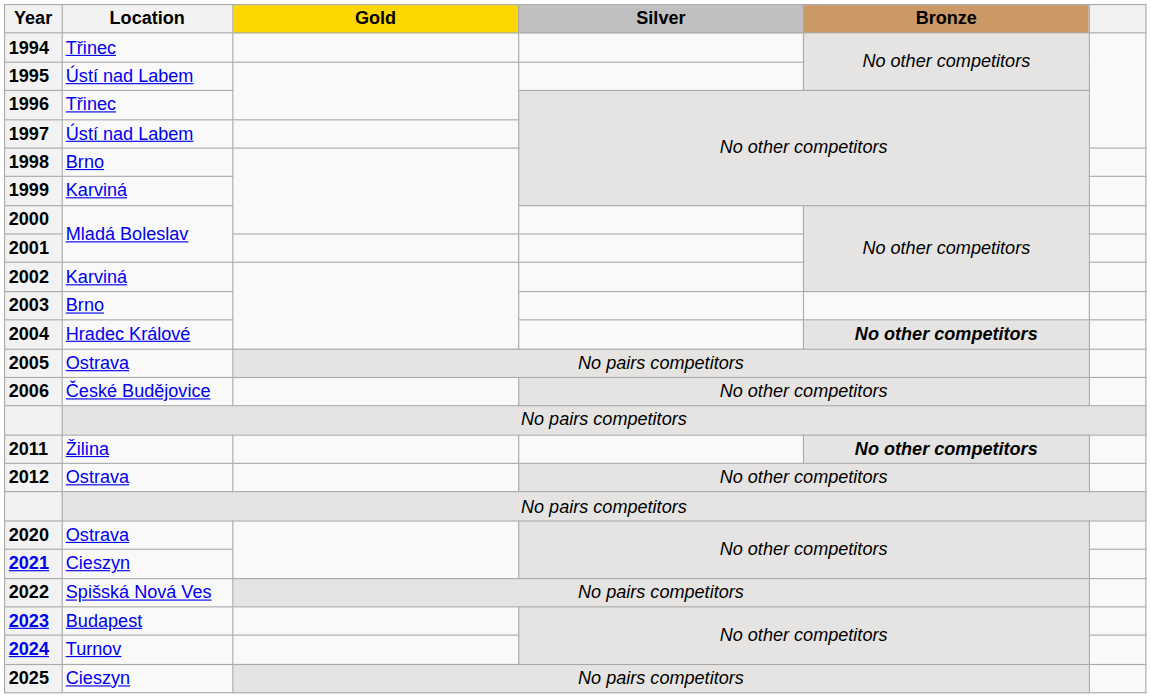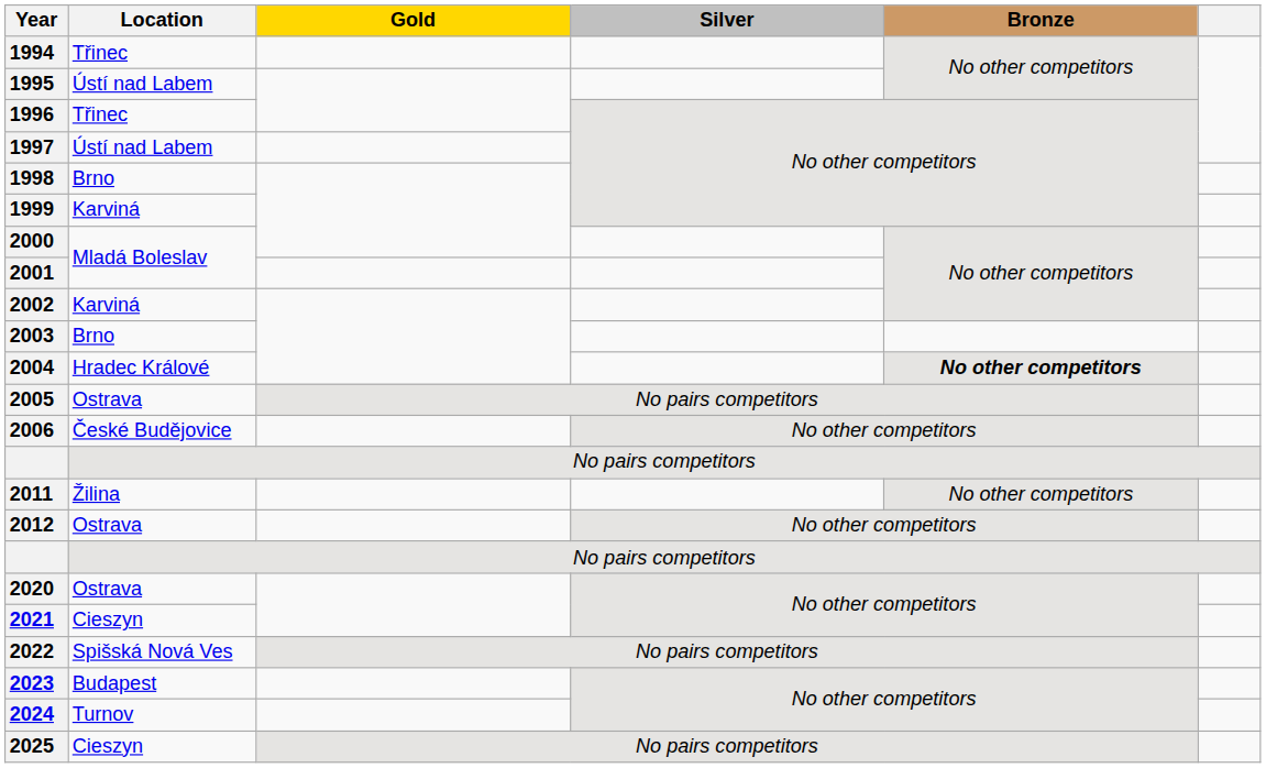 <table class="wikitable unsortable" style="text-align:left; width:80%">
 <tr>
 <th scope="col" style="text-align:center; width:5%">Year</th>
 <th scope="col" style="text-align:center; width:15%">Location</th>
 <td scope="col" style="text-align:center; width:25%; background:gold"><strong>Gold</strong></td>
 <td scope="col" style="text-align:center; width:25%; background:silver"><strong>Silver</strong></td>
 <td scope="col" style="text-align:center; width:25%; background:#c96"><strong>Bronze</strong></td>
 <th scope="col" style="text-align:center; width:5%"></th>
 </tr>
 <tr>
 <th scope="row" style="text-align:left">1994</th>
 <td><a href='#'>Třinec</a></td>
 <td></td>
 <td></td>
 <td rowspan="2" align="center" bgcolor="e5e4e2"><em>No other competitors</em></td>
 <td rowspan="4"></td>
 </tr>
 <tr>
 <th scope="row" style="text-align:left">1995</th>
 <td><a href='#'>Ústí nad Labem</a></td>
 <td rowspan="2"></td>
 <td></td>
 </tr>
 <tr>
 <th scope="row" style="text-align:left">1996</th>
 <td><a href='#'>Třinec</a></td>
 <td colspan="2" rowspan="4" align="center" bgcolor="e5e4e2"><em>No other competitors</em></td>
 </tr>
 <tr>
 <th scope="row" style="text-align:left">1997</th>
 <td><a href='#'>Ústí nad Labem</a></td>
 <td></td>
 </tr>
 <tr>
 <th scope="row" style="text-align:left">1998</th>
 <td><a href='#'>Brno</a></td>
 <td rowspan="3"></td>
 <td></td>
 </tr>
 <tr>
 <th scope="row" style="text-align:left">1999</th>
 <td><a href='#'>Karviná</a></td>
 <td></td>
 </tr>
 <tr>
 <th scope="row" style="text-align:left">2000</th>
 <td rowspan="2"><a href='#'>Mladá Boleslav</a></td>
 <td></td>
 <td rowspan="3" align="center" bgcolor="e5e4e2"><em>No other competitors</em></td>
 <td></td>
 </tr>
 <tr>
 <th scope="row" style="text-align:left">2001</th>
 <td></td>
 <td></td>
 <td></td>
 </tr>
 <tr>
 <th scope="row" style="text-align:left">2002</th>
 <td><a href='#'>Karviná</a></td>
 <td rowspan="3"></td>
 <td></td>
 <td></td>
 </tr>
 <tr>
 <th scope="row" style="text-align:left">2003</th>
 <td><a href='#'>Brno</a></td>
 <td></td>
 <td></td>
 <td></td>
 </tr>
 <tr>
 <th scope="row" style="text-align:left">2004</th>
 <td><a href='#'>Hradec Králové</a></td>
 <td></td>
 <td align="center" bgcolor="e5e4e2"><strong><em>No other competitors</em></strong></td>
 <td></td>
 </tr>
 <tr>
 <th scope="row" style="text-align:left">2005</th>
 <td><a href='#'>Ostrava</a></td>
 <td colspan="3" align="center" bgcolor="e5e4e2"><em>No pairs competitors</em></td>
 <td></td>
 </tr>
 <tr>
 <th scope="row" style="text-align:left">2006</th>
 <td><a href='#'>České Budějovice</a></td>
 <td></td>
 <td colspan="2" align="center" bgcolor="e5e4e2"><em>No other competitors</em></td>
 <td></td>
 </tr>
 <tr>
 <th scope="row" style="text-align:left"></th>
 <td colspan="5" align="center" bgcolor="e5e4e2"><em>No pairs competitors</em></td>
 </tr>
 <tr>
 <th scope="row" style="text-align:left">2011</th>
 <td> <a href='#'>Žilina</a></td>
 <td></td>
 <td></td>
-<td align="center" bgcolor="e5e4e2"><strong><em>No other competitors</em></strong></td>
+<td align="center" bgcolor="e5e4e2"><em>No other competitors</em></td>
 <td></td>
 </tr>
 <tr>
 <th scope="row" style="text-align:left">2012</th>
 <td><a href='#'>Ostrava</a></td>
 <td></td>
 <td colspan="2" align="center" bgcolor="e5e4e2"><em>No other competitors</em></td>
 <td></td>
 </tr>
 <tr>
 <th scope="row" style="text-align:left"></th>
 <td colspan="5" align="center" bgcolor="e5e4e2"><em>No pairs competitors</em></td>
 </tr>
 <tr>
 <th scope="row" style="text-align:left">2020</th>
 <td><a href='#'>Ostrava</a></td>
 <td rowspan="2"></td>
 <td colspan="2" rowspan="2" align="center" bgcolor="e5e4e2"><em>No other competitors</em></td>
 <td></td>
 </tr>
 <tr>
 <th scope="row" style="text-align:left"><a href='#'>2021</a></th>
 <td> <a href='#'>Cieszyn</a></td>
 <td></td>
 </tr>
 <tr>
 <th scope="row" style="text-align:left">2022</th>
 <td> <a href='#'>Spišská Nová Ves</a></td>
 <td colspan="3" align="center" bgcolor="e5e4e2"><em>No pairs competitors</em></td>
 <td></td>
 </tr>
 <tr>
 <th scope="row" style="text-align:left"><a href='#'>2023</a></th>
 <td> <a href='#'>Budapest</a></td>
 <td></td>
 <td colspan="2" rowspan="2" align="center" bgcolor="e5e4e2"><em>No other competitors</em></td>
 <td></td>
 </tr>
 <tr>
 <th scope="row" style="text-align:left"><a href='#'>2024</a></th>
 <td><a href='#'>Turnov</a></td>
 <td></td>
 <td></td>
 </tr>
 <tr>
 <th scope="row" style="text-align:left">2025</th>
 <td> <a href='#'>Cieszyn</a></td>
 <td colspan="3" align="center" bgcolor="e5e4e2"><em>No pairs competitors</em></td>
 <td></td>
 </tr>
 </table>
